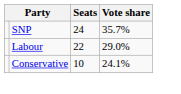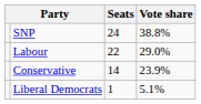 <table class="wikitable">
 <tr>
 <th scope="col" colspan="2">Party</th>
 <th scope="col">Seats</th>
 <th scope="col">Vote share</th>
 </tr>
 <tr>
 <td style="background-color: "></td>
 <td scope="row"><a href='#'>SNP</a></td>
 <td>24</td>
-<td>35.7%</td>
+<td>38.8%</td>
 </tr>
 <tr>
 <td style="background-color: "></td>
 <td scope="row"><a href='#'>Labour</a></td>
 <td>22</td>
 <td>29.0%</td>
 </tr>
 <tr>
 <td style="background-color: "></td>
 <td scope="row"><a href='#'>Conservative</a></td>
-<td>10</td>
-<td>24.1%</td>
+<td>14</td>
+<td>23.9%</td>
+</tr>
+<tr>
+<td style="background-color: "></td>
+<td scope="row"><a href='#'>Liberal Democrats</a></td>
+<td>1</td>
+<td>5.1%</td>
 </tr>
 </table>
